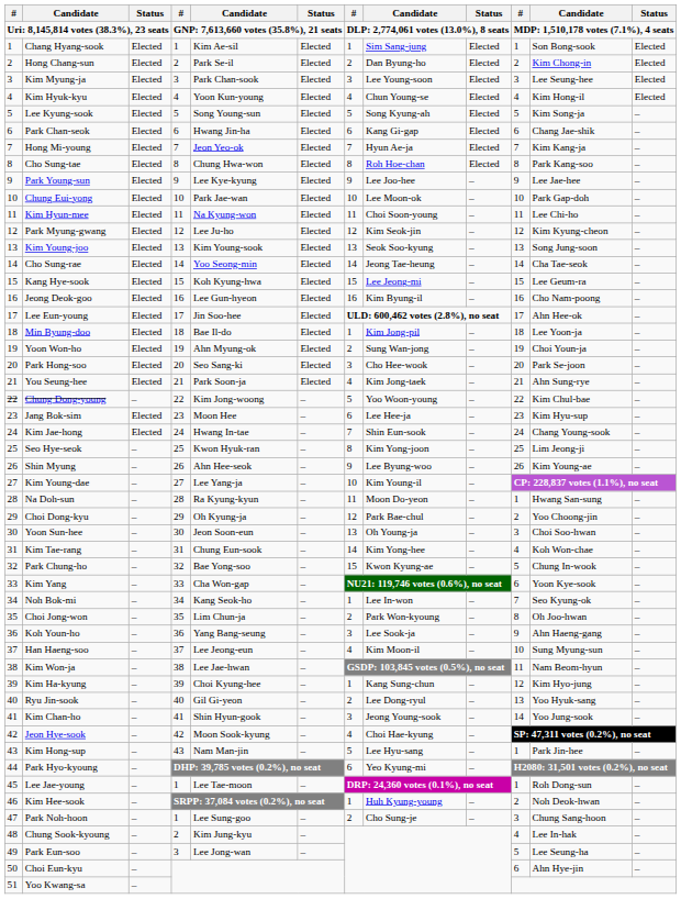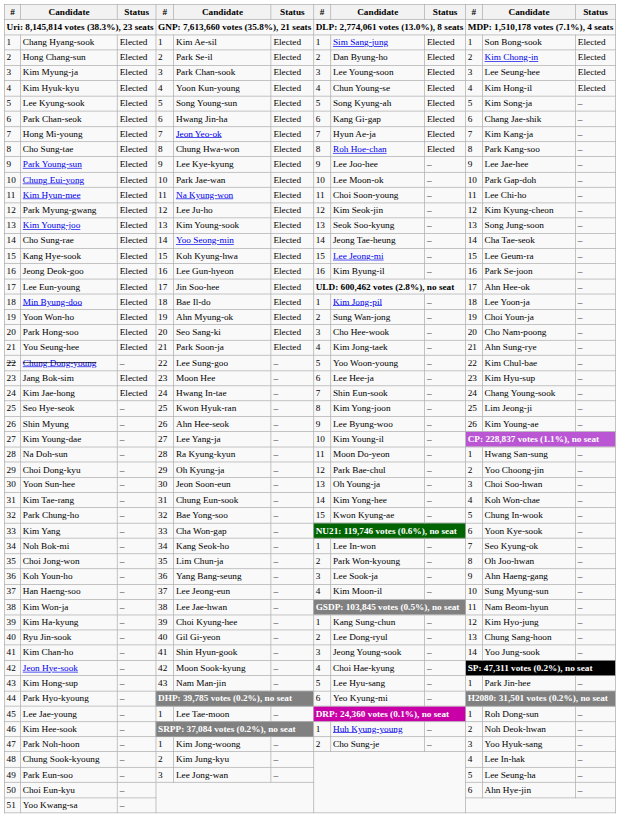 <table class="wikitable" style="font-size:85%;">
 <tr>
 <th>#</th>
 <th>Candidate</th>
 <th>Status</th>
 <th>#</th>
 <th>Candidate</th>
 <th>Status</th>
 <th>#</th>
 <th>Candidate</th>
 <th>Status</th>
 <th>#</th>
 <th>Candidate</th>
 <th>Status</th>
 </tr>
 <tr>
 <td colspan="3" style="background:"><strong>Uri: 8,145,814 votes (38.3%), 23 seats</strong></td>
 <td colspan="3" style="background:"><strong>GNP: 7,613,660 votes (35.8%), 21 seats</strong></td>
 <td colspan="3" style="background:"><strong>DLP: 2,774,061 votes (13.0%), 8 seats</strong></td>
 <td colspan="3" style="background:"><strong>MDP: 1,510,178 votes (7.1%), 4 seats</strong></td>
 </tr>
 <tr>
 <td>1</td>
 <td>Chang Hyang-sook</td>
 <td style="background:">Elected</td>
 <td>1</td>
 <td>Kim Ae-sil</td>
 <td style="background:">Elected</td>
 <td>1</td>
 <td><a href='#'>Sim Sang-jung</a></td>
 <td style="background:">Elected</td>
 <td>1</td>
 <td>Son Bong-sook</td>
 <td style="background:">Elected</td>
 </tr>
 <tr>
 <td>2</td>
 <td>Hong Chang-sun</td>
 <td style="background:">Elected</td>
 <td>2</td>
 <td>Park Se-il</td>
 <td style="background:">Elected</td>
 <td>2</td>
 <td>Dan Byung-ho</td>
 <td style="background:">Elected</td>
 <td>2</td>
 <td><a href='#'>Kim Chong-in</a></td>
 <td style="background:">Elected</td>
 </tr>
 <tr>
 <td>3</td>
 <td>Kim Myung-ja</td>
 <td style="background:">Elected</td>
 <td>3</td>
 <td>Park Chan-sook</td>
 <td style="background:">Elected</td>
 <td>3</td>
 <td>Lee Young-soon</td>
 <td style="background:">Elected</td>
 <td>3</td>
 <td>Lee Seung-hee</td>
 <td style="background:">Elected</td>
 </tr>
 <tr>
 <td>4</td>
 <td>Kim Hyuk-kyu</td>
 <td style="background:">Elected</td>
 <td>4</td>
 <td>Yoon Kun-young</td>
 <td style="background:">Elected</td>
 <td>4</td>
 <td>Chun Young-se</td>
 <td style="background:">Elected</td>
 <td>4</td>
 <td>Kim Hong-il</td>
 <td style="background:">Elected</td>
 </tr>
 <tr>
 <td>5</td>
 <td>Lee Kyung-sook</td>
 <td style="background:">Elected</td>
 <td>5</td>
 <td>Song Young-sun</td>
 <td style="background:">Elected</td>
 <td>5</td>
 <td>Song Kyung-ah</td>
 <td style="background:">Elected</td>
 <td>5</td>
 <td>Kim Song-ja</td>
 <td>–</td>
 </tr>
 <tr>
 <td>6</td>
 <td>Park Chan-seok</td>
 <td style="background:">Elected</td>
 <td>6</td>
 <td>Hwang Jin-ha</td>
 <td style="background:">Elected</td>
 <td>6</td>
 <td>Kang Gi-gap</td>
 <td style="background:">Elected</td>
 <td>6</td>
 <td>Chang Jae-shik</td>
 <td>–</td>
 </tr>
 <tr>
 <td>7</td>
 <td>Hong Mi-young</td>
 <td style="background:">Elected</td>
 <td>7</td>
 <td><a href='#'>Jeon Yeo-ok</a></td>
 <td style="background:">Elected</td>
 <td>7</td>
 <td>Hyun Ae-ja</td>
 <td style="background:">Elected</td>
 <td>7</td>
 <td>Kim Kang-ja</td>
 <td>–</td>
 </tr>
 <tr>
 <td>8</td>
 <td>Cho Sung-tae</td>
 <td style="background:">Elected</td>
 <td>8</td>
 <td>Chung Hwa-won</td>
 <td style="background:">Elected</td>
 <td>8</td>
 <td><a href='#'>Roh Hoe-chan</a></td>
 <td style="background:">Elected</td>
 <td>8</td>
 <td>Park Kang-soo</td>
 <td>–</td>
 </tr>
 <tr>
 <td>9</td>
 <td><a href='#'>Park Young-sun</a></td>
 <td style="background:">Elected</td>
 <td>9</td>
 <td>Lee Kye-kyung</td>
 <td style="background:">Elected</td>
 <td>9</td>
 <td>Lee Joo-hee</td>
 <td>–</td>
 <td>9</td>
 <td>Lee Jae-hee</td>
 <td>–</td>
 </tr>
 <tr>
 <td>10</td>
 <td><a href='#'>Chung Eui-yong</a></td>
 <td style="background:">Elected</td>
 <td>10</td>
 <td>Park Jae-wan</td>
 <td style="background:">Elected</td>
 <td>10</td>
 <td>Lee Moon-ok</td>
 <td>–</td>
 <td>10</td>
 <td>Park Gap-doh</td>
 <td>–</td>
 </tr>
 <tr>
 <td>11</td>
 <td><a href='#'>Kim Hyun-mee</a></td>
 <td style="background:">Elected</td>
 <td>11</td>
 <td><a href='#'>Na Kyung-won</a></td>
 <td style="background:">Elected</td>
 <td>11</td>
 <td>Choi Soon-young</td>
 <td>–</td>
 <td>11</td>
 <td>Lee Chi-ho</td>
 <td>–</td>
 </tr>
 <tr>
 <td>12</td>
 <td>Park Myung-gwang</td>
 <td style="background:">Elected</td>
 <td>12</td>
 <td>Lee Ju-ho</td>
 <td style="background:">Elected</td>
 <td>12</td>
 <td>Kim Seok-jin</td>
 <td>–</td>
 <td>12</td>
 <td>Kim Kyung-cheon</td>
 <td>–</td>
 </tr>
 <tr>
 <td>13</td>
 <td><a href='#'>Kim Young-joo</a></td>
 <td style="background:">Elected</td>
 <td>13</td>
 <td>Kim Young-sook</td>
 <td style="background:">Elected</td>
 <td>13</td>
 <td>Seok Soo-kyung</td>
 <td>–</td>
 <td>13</td>
 <td>Song Jung-soon</td>
 <td>–</td>
 </tr>
 <tr>
 <td>14</td>
 <td>Cho Sung-rae</td>
 <td style="background:">Elected</td>
 <td>14</td>
 <td><a href='#'>Yoo Seong-min</a></td>
 <td style="background:">Elected</td>
 <td>14</td>
 <td>Jeong Tae-heung</td>
 <td>–</td>
 <td>14</td>
 <td>Cha Tae-seok</td>
 <td>–</td>
 </tr>
 <tr>
 <td>15</td>
 <td>Kang Hye-sook</td>
 <td style="background:">Elected</td>
 <td>15</td>
 <td>Koh Kyung-hwa</td>
 <td style="background:">Elected</td>
 <td>15</td>
 <td><a href='#'>Lee Jeong-mi</a></td>
 <td>–</td>
 <td>15</td>
 <td>Lee Geum-ra</td>
 <td>–</td>
 </tr>
 <tr>
 <td>16</td>
 <td>Jeong Deok-goo</td>
 <td style="background:">Elected</td>
 <td>16</td>
 <td>Lee Gun-hyeon</td>
 <td style="background:">Elected</td>
 <td>16</td>
 <td>Kim Byung-il</td>
 <td>–</td>
 <td>16</td>
-<td>Cho Nam-poong</td>
+<td>Park Se-joon</td>
 <td>–</td>
 </tr>
 <tr>
 <td>17</td>
 <td>Lee Eun-young</td>
 <td style="background:">Elected</td>
 <td>17</td>
 <td>Jin Soo-hee</td>
 <td style="background:">Elected</td>
 <td colspan="3" style="background:"><strong>ULD: 600,462 votes (2.8%), no seat</strong></td>
 <td>17</td>
 <td>Ahn Hee-ok</td>
 <td>–</td>
 </tr>
 <tr>
 <td>18</td>
 <td><a href='#'>Min Byung-doo</a></td>
 <td style="background:">Elected</td>
 <td>18</td>
 <td>Bae Il-do</td>
 <td style="background:">Elected</td>
 <td>1</td>
 <td><a href='#'>Kim Jong-pil</a></td>
 <td>–</td>
 <td>18</td>
 <td>Lee Yoon-ja</td>
 <td>–</td>
 </tr>
 <tr>
 <td>19</td>
 <td>Yoon Won-ho</td>
 <td style="background:">Elected</td>
 <td>19</td>
 <td>Ahn Myung-ok</td>
 <td style="background:">Elected</td>
 <td>2</td>
 <td>Sung Wan-jong</td>
 <td>–</td>
 <td>19</td>
 <td>Choi Youn-ja</td>
 <td>–</td>
 </tr>
 <tr>
 <td>20</td>
 <td>Park Hong-soo</td>
 <td style="background:">Elected</td>
 <td>20</td>
 <td>Seo Sang-ki</td>
 <td style="background:">Elected</td>
 <td>3</td>
 <td>Cho Hee-wook</td>
 <td>–</td>
 <td>20</td>
-<td>Park Se-joon</td>
+<td>Cho Nam-poong</td>
 <td>–</td>
 </tr>
 <tr>
 <td>21</td>
 <td>You Seung-hee</td>
 <td style="background:">Elected</td>
 <td>21</td>
 <td>Park Soon-ja</td>
 <td style="background:">Elected</td>
 <td>4</td>
 <td>Kim Jong-taek</td>
 <td>–</td>
 <td>21</td>
 <td>Ahn Sung-rye</td>
 <td>–</td>
 </tr>
 <tr>
 <td><del>22</del></td>
 <td><del><a href='#'>Chung Dong-young</a></del></td>
 <td>–</td>
 <td>22</td>
-<td>Kim Jong-woong</td>
+<td>Lee Sung-goo</td>
 <td>–</td>
 <td>5</td>
 <td>Yoo Woon-young</td>
 <td>–</td>
 <td>22</td>
 <td>Kim Chul-bae</td>
 <td>–</td>
 </tr>
 <tr>
 <td>23</td>
 <td>Jang Bok-sim</td>
 <td style="background:">Elected</td>
 <td>23</td>
 <td>Moon Hee</td>
 <td>–</td>
 <td>6</td>
 <td>Lee Hee-ja</td>
 <td>–</td>
 <td>23</td>
 <td>Kim Hyu-sup</td>
 <td>–</td>
 </tr>
 <tr>
 <td>24</td>
 <td>Kim Jae-hong</td>
 <td style="background:">Elected</td>
 <td>24</td>
 <td>Hwang In-tae</td>
 <td>–</td>
 <td>7</td>
 <td>Shin Eun-sook</td>
 <td>–</td>
 <td>24</td>
 <td>Chang Young-sook</td>
 <td>–</td>
 </tr>
 <tr>
 <td>25</td>
 <td>Seo Hye-seok</td>
 <td>–</td>
 <td>25</td>
 <td>Kwon Hyuk-ran</td>
 <td>–</td>
 <td>8</td>
 <td>Kim Yong-joon</td>
 <td>–</td>
 <td>25</td>
 <td>Lim Jeong-ji</td>
 <td>–</td>
 </tr>
 <tr>
 <td>26</td>
 <td>Shin Myung</td>
 <td>–</td>
 <td>26</td>
 <td>Ahn Hee-seok</td>
 <td>–</td>
 <td>9</td>
 <td>Lee Byung-woo</td>
 <td>–</td>
 <td>26</td>
 <td>Kim Young-ae</td>
 <td>–</td>
 </tr>
 <tr>
 <td>27</td>
 <td>Kim Young-dae</td>
 <td>–</td>
 <td>27</td>
 <td>Lee Yang-ja</td>
 <td>–</td>
 <td>10</td>
 <td>Kim Young-il</td>
 <td>–</td>
 <td colspan="3" style="background:#BA55D3; color:white"><strong>CP: 228,837 votes (1.1%), no seat</strong></td>
 </tr>
 <tr>
 <td>28</td>
 <td>Na Doh-sun</td>
 <td>–</td>
 <td>28</td>
 <td>Ra Kyung-kyun</td>
 <td>–</td>
 <td>11</td>
 <td>Moon Do-yeon</td>
 <td>–</td>
 <td>1</td>
 <td>Hwang San-sung</td>
 <td>–</td>
 </tr>
 <tr>
 <td>29</td>
 <td>Choi Dong-kyu</td>
 <td>–</td>
 <td>29</td>
 <td>Oh Kyung-ja</td>
 <td>–</td>
 <td>12</td>
 <td>Park Bae-chul</td>
 <td>–</td>
 <td>2</td>
 <td>Yoo Choong-jin</td>
 <td>–</td>
 </tr>
 <tr>
 <td>30</td>
 <td>Yoon Sun-hee</td>
 <td>–</td>
 <td>30</td>
 <td>Jeon Soon-eun</td>
 <td>–</td>
 <td>13</td>
 <td>Oh Young-ja</td>
 <td>–</td>
 <td>3</td>
 <td>Choi Soo-hwan</td>
 <td>–</td>
 </tr>
 <tr>
 <td>31</td>
 <td>Kim Tae-rang</td>
 <td>–</td>
 <td>31</td>
 <td>Chung Eun-sook</td>
 <td>–</td>
 <td>14</td>
 <td>Kim Yong-hee</td>
 <td>–</td>
 <td>4</td>
 <td>Koh Won-chae</td>
 <td>–</td>
 </tr>
 <tr>
 <td>32</td>
 <td>Park Chung-ho</td>
 <td>–</td>
 <td>32</td>
 <td>Bae Yong-soo</td>
 <td>–</td>
 <td>15</td>
 <td>Kwon Kyung-ae</td>
 <td>–</td>
 <td>5</td>
 <td>Chung In-wook</td>
 <td>–</td>
 </tr>
 <tr>
 <td>33</td>
 <td>Kim Yang</td>
 <td>–</td>
 <td>33</td>
 <td>Cha Won-gap</td>
 <td>–</td>
 <td colspan="3" style="background:darkgreen; color:white"><strong>NU21: 119,746 votes (0.6%), no seat</strong></td>
 <td>6</td>
 <td>Yoon Kye-sook</td>
 <td>–</td>
 </tr>
 <tr>
 <td>34</td>
 <td>Noh Bok-mi</td>
 <td>–</td>
 <td>34</td>
 <td>Kang Seok-ho</td>
 <td>–</td>
 <td>1</td>
 <td>Lee In-won</td>
 <td>–</td>
 <td>7</td>
 <td>Seo Kyung-ok</td>
 <td>–</td>
 </tr>
 <tr>
 <td>35</td>
 <td>Choi Jong-won</td>
 <td>–</td>
 <td>35</td>
 <td>Lim Chun-ja</td>
 <td>–</td>
 <td>2</td>
 <td>Park Won-kyoung</td>
 <td>–</td>
 <td>8</td>
 <td>Oh Joo-hwan</td>
 <td>–</td>
 </tr>
 <tr>
 <td>36</td>
 <td>Koh Youn-ho</td>
 <td>–</td>
 <td>36</td>
 <td>Yang Bang-seung</td>
 <td>–</td>
 <td>3</td>
 <td>Lee Sook-ja</td>
 <td>–</td>
 <td>9</td>
 <td>Ahn Haeng-gang</td>
 <td>–</td>
 </tr>
 <tr>
 <td>37</td>
 <td>Han Haeng-soo</td>
 <td>–</td>
 <td>37</td>
 <td>Lee Jeong-eun</td>
 <td>–</td>
 <td>4</td>
 <td>Kim Moon-il</td>
 <td>–</td>
 <td>10</td>
 <td>Sung Myung-sun</td>
 <td>–</td>
 </tr>
 <tr>
 <td>38</td>
 <td>Kim Won-ja</td>
 <td>–</td>
 <td>38</td>
 <td>Lee Jae-hwan</td>
 <td>–</td>
 <td colspan="3" style="background:grey; color:white"><strong>GSDP: 103,845 votes (0.5%), no seat</strong></td>
 <td>11</td>
 <td>Nam Beom-hyun</td>
 <td>–</td>
 </tr>
 <tr>
 <td>39</td>
 <td>Kim Ha-kyung</td>
 <td>–</td>
 <td>39</td>
 <td>Choi Kyung-hee</td>
 <td>–</td>
 <td>1</td>
 <td>Kang Sung-chun</td>
 <td>–</td>
 <td>12</td>
 <td>Kim Hyo-jung</td>
 <td>–</td>
 </tr>
 <tr>
 <td>40</td>
 <td>Ryu Jin-sook</td>
 <td>–</td>
 <td>40</td>
 <td>Gil Gi-yeon</td>
 <td>–</td>
 <td>2</td>
 <td>Lee Dong-ryul</td>
 <td>–</td>
 <td>13</td>
-<td>Yoo Hyuk-sang</td>
+<td>Chung Sang-hoon</td>
 <td>–</td>
 </tr>
 <tr>
 <td>41</td>
 <td>Kim Chan-ho</td>
 <td>–</td>
 <td>41</td>
 <td>Shin Hyun-gook</td>
 <td>–</td>
 <td>3</td>
 <td>Jeong Young-sook</td>
 <td>–</td>
 <td>14</td>
 <td>Yoo Jung-sook</td>
 <td>–</td>
 </tr>
 <tr>
 <td>42</td>
 <td><a href='#'>Jeon Hye-sook</a></td>
 <td>–</td>
 <td>42</td>
 <td>Moon Sook-kyung</td>
 <td>–</td>
 <td>4</td>
 <td>Choi Hae-kyung</td>
 <td>–</td>
 <td colspan="3" style="background:black; color:white"><strong>SP: 47,311 votes (0.2%), no seat</strong></td>
 </tr>
 <tr>
 <td>43</td>
 <td>Kim Hong-sup</td>
 <td>–</td>
 <td>43</td>
 <td>Nam Man-jin</td>
 <td>–</td>
 <td>5</td>
 <td>Lee Hyu-sang</td>
 <td>–</td>
 <td>1</td>
 <td>Park Jin-hee</td>
 <td>–</td>
 </tr>
 <tr>
 <td>44</td>
 <td>Park Hyo-kyoung</td>
 <td>–</td>
 <td colspan="3" style="background:grey; color:white"><strong>DHP: 39,785 votes (0.2%), no seat</strong></td>
 <td>6</td>
 <td>Yeo Kyung-mi</td>
 <td>–</td>
 <td colspan="3" style="background:grey; color:white"><strong>H2080: 31,501 votes (0.2%), no seat</strong></td>
 </tr>
 <tr>
 <td>45</td>
 <td>Lee Jae-young</td>
 <td>–</td>
 <td>1</td>
 <td>Lee Tae-moon</td>
 <td>–</td>
 <td colspan="3" style="background:#C900A7; color:white"><strong>DRP: 24,360 votes (0.1%), no seat</strong></td>
 <td>1</td>
 <td>Roh Dong-sun</td>
 <td>–</td>
 </tr>
 <tr>
 <td>46</td>
 <td>Kim Hee-sook</td>
 <td>–</td>
 <td colspan="3" style="background:grey; color:white"><strong>SRPP: 37,084 votes (0.2%), no seat</strong></td>
 <td>1</td>
 <td><a href='#'>Huh Kyung-young</a></td>
 <td>–</td>
 <td>2</td>
 <td>Noh Deok-hwan</td>
 <td>–</td>
 </tr>
 <tr>
 <td>47</td>
 <td>Park Noh-hoon</td>
 <td>–</td>
 <td>1</td>
-<td>Lee Sung-goo</td>
+<td>Kim Jong-woong</td>
 <td>–</td>
 <td>2</td>
 <td>Cho Sung-je</td>
 <td>–</td>
 <td>3</td>
-<td>Chung Sang-hoon</td>
+<td>Yoo Hyuk-sang</td>
 <td>–</td>
 </tr>
 <tr>
 <td>48</td>
 <td>Chung Sook-kyoung</td>
 <td>–</td>
 <td>2</td>
 <td>Kim Jung-kyu</td>
 <td>–</td>
 <td colspan="3" rowspan="4"></td>
 <td>4</td>
 <td>Lee In-hak</td>
 <td>–</td>
 </tr>
 <tr>
 <td>49</td>
 <td>Park Eun-soo</td>
 <td>–</td>
 <td>3</td>
 <td>Lee Jong-wan</td>
 <td>–</td>
 <td>5</td>
 <td>Lee Seung-ha</td>
 <td>–</td>
 </tr>
 <tr>
 <td>50</td>
 <td>Choi Eun-kyu</td>
 <td>–</td>
 <td colspan="3" rowspan="2"></td>
 <td>6</td>
 <td>Ahn Hye-jin</td>
 <td>–</td>
 </tr>
 <tr>
 <td>51</td>
 <td>Yoo Kwang-sa</td>
 <td>–</td>
 <td colspan="3"></td>
 </tr>
 </table>
